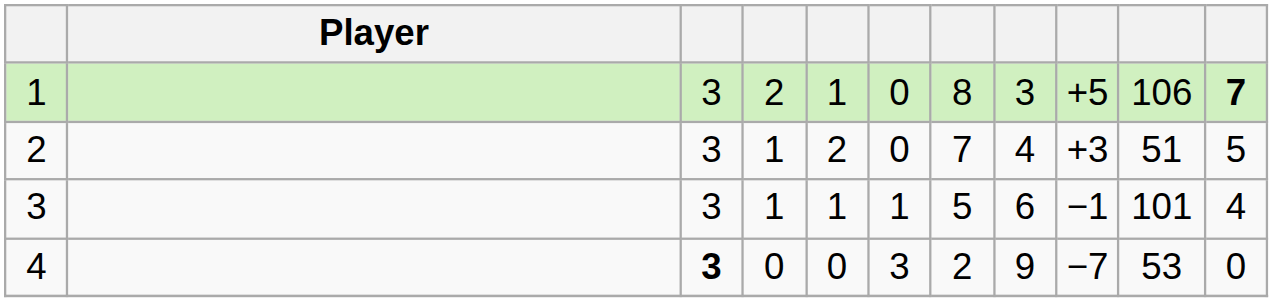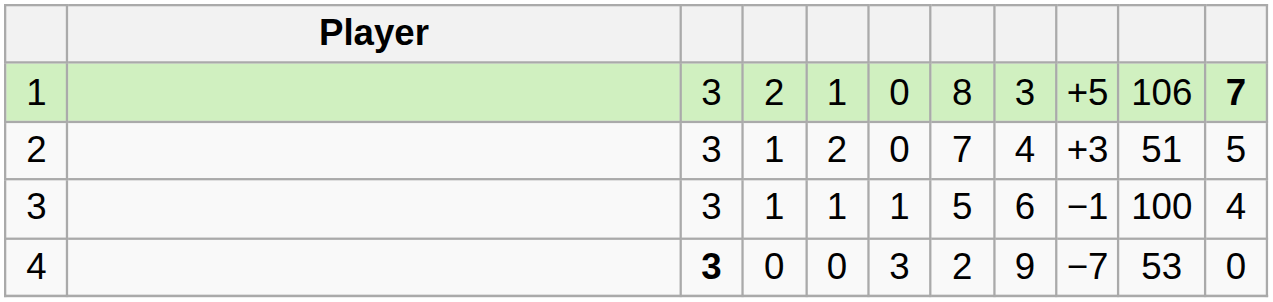 <table class="wikitable" style="text-align:center;">
 <tr>
 <th width=20></th>
 <th width=260>Player</th>
 <th width=20></th>
 <th width=20></th>
 <th width=20></th>
 <th width=20></th>
 <th width=20></th>
 <th width=20></th>
 <th width=20></th>
 <th width=30></th>
 <th width=20></th>
 </tr>
 <tr style="background:#D0F0C0;">
 <td>1</td>
 <td align=left> <small></small></td>
 <td>3</td>
 <td>2</td>
 <td>1</td>
 <td>0</td>
 <td>8</td>
 <td>3</td>
 <td>+5</td>
 <td>106</td>
 <td><strong>7</strong></td>
 </tr>
 <tr>
 <td>2</td>
 <td align=left> <small></small></td>
 <td>3</td>
 <td>1</td>
 <td>2</td>
 <td>0</td>
 <td>7</td>
 <td>4</td>
 <td>+3</td>
 <td>51</td>
 <td>5</td>
 </tr>
 <tr>
 <td>3</td>
 <td align=left> <small></small></td>
 <td>3</td>
 <td>1</td>
 <td>1</td>
 <td>1</td>
 <td>5</td>
 <td>6</td>
 <td>−1</td>
-<td>101</td>
+<td>100</td>
 <td>4</td>
 </tr>
 <tr>
 <td>4</td>
 <td align=left> <small></small></td>
 <td><strong>3</strong></td>
 <td>0</td>
 <td>0</td>
 <td>3</td>
 <td>2</td>
 <td>9</td>
 <td>−7</td>
 <td>53</td>
 <td>0</td>
 </tr>
 <tr>
 </tr>
 </table>
